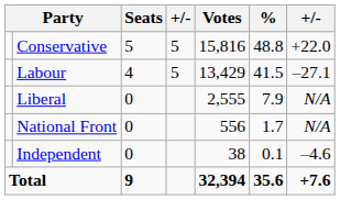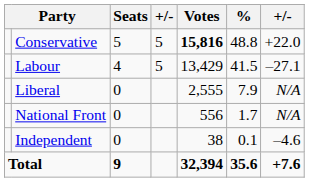 <table class="wikitable sortable">
 <tr>
 <th colspan="2">Party</th>
 <th>Seats</th>
 <th>+/-</th>
 <th>Votes</th>
 <th>%</th>
 <th>+/-</th>
 </tr>
 <tr>
 <td style="background-color: "></td>
 <td><a href='#'>Conservative</a></td>
 <td>5</td>
 <td> 5</td>
-<td style="text-align:right;">15,816</td>
+<td style="text-align:right;"><strong>15,816</strong></td>
 <td style="text-align:right;">48.8</td>
 <td style="text-align:right;">+22.0</td>
 </tr>
 <tr>
 <td style="background-color: "></td>
 <td><a href='#'>Labour</a></td>
 <td>4</td>
 <td> 5</td>
 <td style="text-align:right;">13,429</td>
 <td style="text-align:right;">41.5</td>
 <td style="text-align:right;">–27.1</td>
 </tr>
 <tr>
 <td style="background-color: "></td>
 <td><a href='#'>Liberal</a></td>
 <td>0</td>
 <td></td>
 <td style="text-align:right;">2,555</td>
 <td style="text-align:right;">7.9</td>
 <td style="text-align:right;"><em>N/A</em></td>
 </tr>
 <tr>
 <td style="background-color: "></td>
 <td><a href='#'>National Front</a></td>
 <td>0</td>
 <td></td>
 <td style="text-align:right;">556</td>
 <td style="text-align:right;">1.7</td>
 <td style="text-align:right;"><em>N/A</em></td>
 </tr>
 <tr>
 <td style="background-color: "></td>
 <td><a href='#'>Independent</a></td>
 <td>0</td>
 <td></td>
 <td style="text-align:right;">38</td>
 <td style="text-align:right;">0.1</td>
 <td style="text-align:right;">–4.6</td>
 </tr>
 <tr>
 <td colspan="2"><strong>Total</strong></td>
 <td><strong>9</strong></td>
 <td></td>
 <td style="text-align:right;"><strong>32,394</strong></td>
 <td style="text-align:right;"><strong>35.6</strong></td>
 <td style="text-align:right;"><strong>+7.6</strong></td>
 </tr>
 </table>
